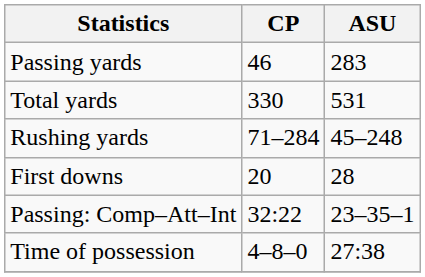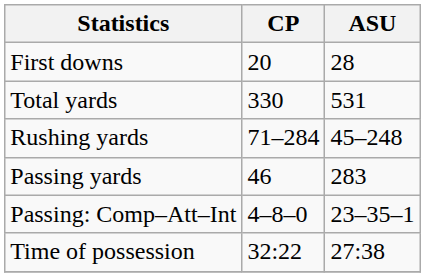 <table class="wikitable" style="float: left;">
 <tr>
 <th>Statistics</th>
 <th>CP</th>
 <th>ASU</th>
 </tr>
 <tr>
-<td>Passing yards</td>
-<td>46</td>
-<td>283</td>
+<td>First downs</td>
+<td>20</td>
+<td>28</td>
 </tr>
 <tr>
 <td>Total yards</td>
 <td>330</td>
 <td>531</td>
 </tr>
 <tr>
 <td>Rushing yards</td>
 <td>71–284</td>
 <td>45–248</td>
 </tr>
 <tr>
-<td>First downs</td>
-<td>20</td>
-<td>28</td>
+<td>Passing yards</td>
+<td>46</td>
+<td>283</td>
 </tr>
 <tr>
 <td>Passing: Comp–Att–Int</td>
-<td>32:22</td>
+<td>4–8–0</td>
 <td>23–35–1</td>
 </tr>
 <tr>
 <td>Time of possession</td>
-<td>4–8–0</td>
+<td>32:22</td>
 <td>27:38</td>
 </tr>
 <tr>
 </tr>
 </table>
